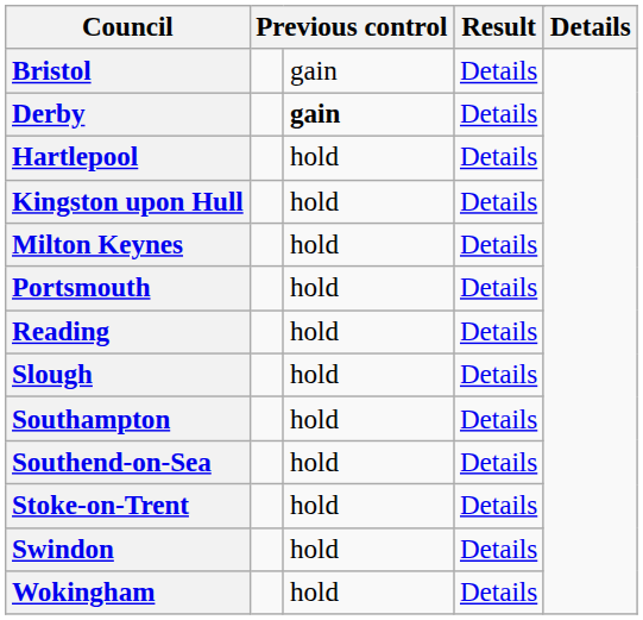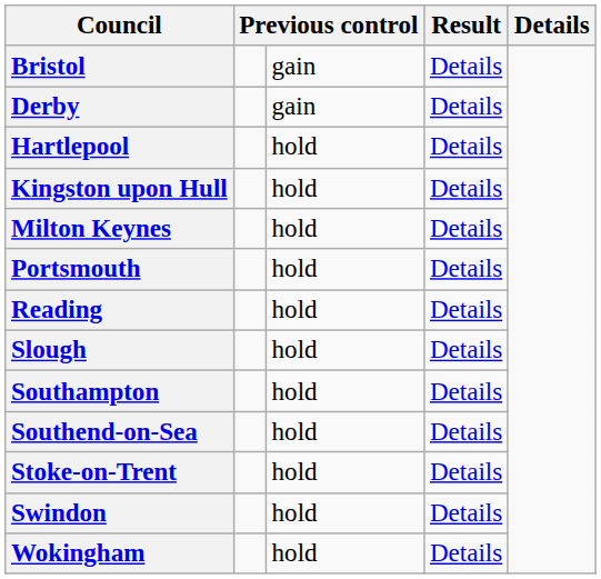 <table class="wikitable sortable" border="1">
 <tr>
 <th scope="col">Council</th>
 <th colspan=2>Previous control</th>
 <th colspan=2>Result</th>
 <th class="unsortable" scope="col">Details</th>
 </tr>
 <tr>
 <th scope="row" style="text-align: left;"><a href='#'>Bristol</a></th>
 <td></td>
 <td> gain</td>
 <td><a href='#'>Details</a></td>
 </tr>
 <tr>
 <th scope="row" style="text-align: left;"><a href='#'>Derby</a></th>
 <td></td>
-<td><strong> gain</strong></td>
+<td> gain</td>
 <td><a href='#'>Details</a></td>
 </tr>
 <tr>
 <th scope="row" style="text-align: left;"><a href='#'>Hartlepool</a></th>
 <td></td>
 <td> hold</td>
 <td><a href='#'>Details</a></td>
 </tr>
 <tr>
 <th scope="row" style="text-align: left;"><a href='#'>Kingston upon Hull</a></th>
 <td></td>
 <td> hold</td>
 <td><a href='#'>Details</a></td>
 </tr>
 <tr>
 <th scope="row" style="text-align: left;"><a href='#'>Milton Keynes</a></th>
 <td></td>
 <td> hold</td>
 <td><a href='#'>Details</a></td>
 </tr>
 <tr>
 <th scope="row" style="text-align: left;"><a href='#'>Portsmouth</a></th>
 <td></td>
 <td> hold</td>
 <td><a href='#'>Details</a></td>
 </tr>
 <tr>
 <th scope="row" style="text-align: left;"><a href='#'>Reading</a></th>
 <td></td>
 <td> hold</td>
 <td><a href='#'>Details</a></td>
 </tr>
 <tr>
 <th scope="row" style="text-align: left;"><a href='#'>Slough</a></th>
 <td></td>
 <td> hold</td>
 <td><a href='#'>Details</a></td>
 </tr>
 <tr>
 <th scope="row" style="text-align: left;"><a href='#'>Southampton</a></th>
 <td></td>
 <td> hold</td>
 <td><a href='#'>Details</a></td>
 </tr>
 <tr>
 <th scope="row" style="text-align: left;"><a href='#'>Southend-on-Sea</a></th>
 <td></td>
 <td> hold</td>
 <td><a href='#'>Details</a></td>
 </tr>
 <tr>
 <th scope="row" style="text-align: left;"><a href='#'>Stoke-on-Trent</a></th>
 <td></td>
 <td> hold</td>
 <td><a href='#'>Details</a></td>
 </tr>
 <tr>
 <th scope="row" style="text-align: left;"><a href='#'>Swindon</a></th>
 <td></td>
 <td> hold</td>
 <td><a href='#'>Details</a></td>
 </tr>
 <tr>
 <th scope="row" style="text-align: left;"><a href='#'>Wokingham</a></th>
 <td></td>
 <td> hold</td>
 <td><a href='#'>Details</a></td>
 </tr>
 </table>
